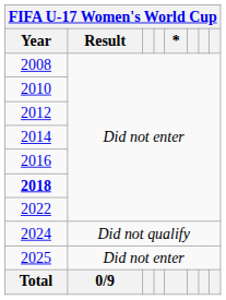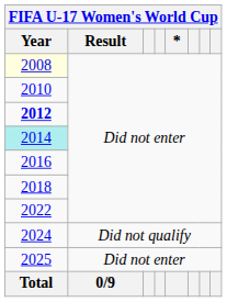 <table class="wikitable" style="text-align: center;">
 <tr>
 <th colspan=9><a href='#'>FIFA U-17 Women's World Cup</a></th>
 </tr>
 <tr>
 <th>Year</th>
 <th>Result</th>
 <th></th>
 <th></th>
 <th> *</th>
 <th></th>
 <th></th>
 <th></th>
 </tr>
 <tr>
-<td> <a href='#'>2008</a></td>
+<td style="background: lightyellow;"> <a href='#'>2008</a></td>
 <td rowspan=7 colspan=8><em>Did not enter</em></td>
 </tr>
 <tr>
 <td> <a href='#'>2010</a></td>
 </tr>
 <tr>
-<td> <a href='#'>2012</a></td>
+<td><strong> <a href='#'>2012</a></strong></td>
 </tr>
 <tr>
-<td> <a href='#'>2014</a></td>
+<td style="background: paleturquoise;"> <a href='#'>2014</a></td>
 </tr>
 <tr>
 <td> <a href='#'>2016</a></td>
 </tr>
 <tr>
-<td><strong> <a href='#'>2018</a></strong></td>
+<td> <a href='#'>2018</a></td>
 </tr>
 <tr>
 <td> <a href='#'>2022</a></td>
 </tr>
 <tr>
 <td> <a href='#'>2024</a></td>
 <td colspan=8><em>Did not qualify</em></td>
 </tr>
 <tr>
 <td> <a href='#'>2025</a></td>
 <td colspan=8><em>Did not enter</em></td>
 </tr>
 <tr>
 <th>Total</th>
 <th>0/9</th>
 <th></th>
 <th></th>
 <th></th>
 <th></th>
 <th></th>
 <th></th>
 </tr>
 </table>
